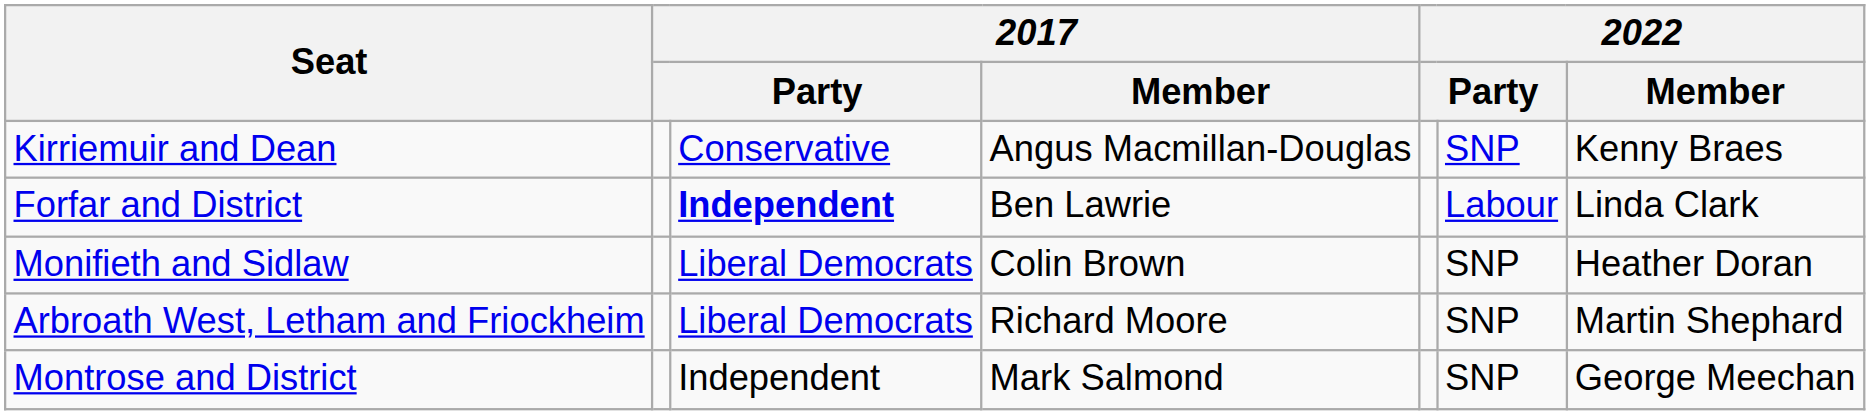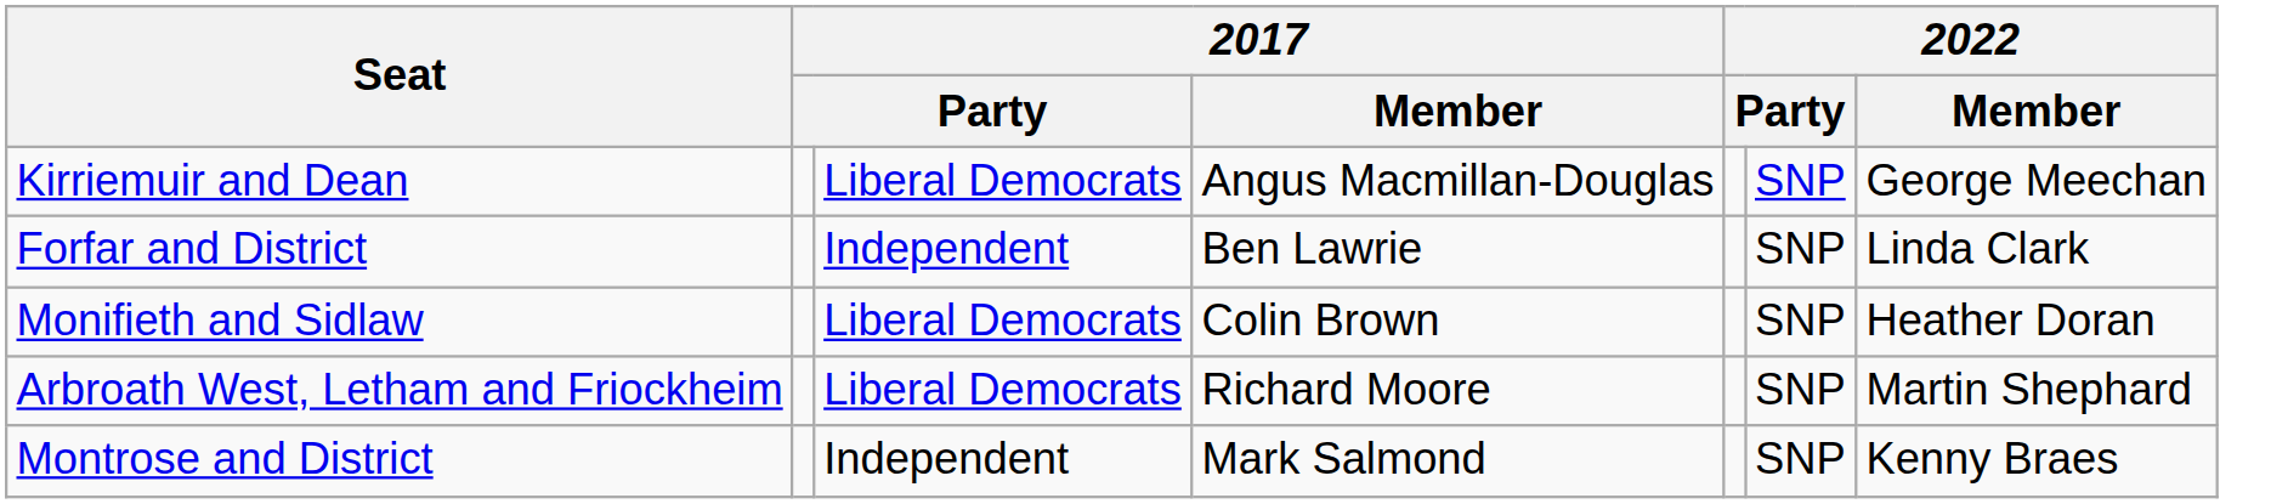 <table class="wikitable">
 <tr>
 <th scope="col" rowspan="2" style="text-align:center">Seat</th>
 <th scope="col" colspan="3" style="text-align:center"><em>2017</em></th>
 <th scope="col" colspan="3" style="text-align:center"><em>2022</em></th>
 </tr>
 <tr>
 <th colspan="2" style="text-align:center">Party</th>
 <th style="text-align:center">Member</th>
 <th colspan="2" style="text-align:center">Party</th>
 <th style="text-align:center">Member</th>
 </tr>
 <tr>
 <td scope="row"><a href='#'>Kirriemuir and Dean</a></td>
 <td></td>
-<td><a href='#'>Conservative</a></td>
+<td><a href='#'>Liberal Democrats</a></td>
 <td>Angus Macmillan-Douglas</td>
 <td></td>
 <td><a href='#'>SNP</a></td>
-<td>Kenny Braes</td>
+<td>George Meechan</td>
 </tr>
 <tr>
 <td scope="row"><a href='#'>Forfar and District</a></td>
 <td></td>
-<td><strong><a href='#'>Independent</a></strong></td>
+<td><a href='#'>Independent</a></td>
 <td>Ben Lawrie</td>
 <td></td>
-<td><a href='#'>Labour</a></td>
+<td>SNP</td>
 <td>Linda Clark</td>
 </tr>
 <tr>
 <td scope="row"><a href='#'>Monifieth and Sidlaw</a></td>
 <td></td>
 <td><a href='#'>Liberal Democrats</a></td>
 <td>Colin Brown</td>
 <td></td>
 <td>SNP</td>
 <td>Heather Doran</td>
 </tr>
 <tr>
 <td scope="row"><a href='#'>Arbroath West, Letham and Friockheim</a></td>
 <td></td>
 <td><a href='#'>Liberal Democrats</a></td>
 <td>Richard Moore</td>
 <td></td>
 <td>SNP</td>
 <td>Martin Shephard</td>
 </tr>
 <tr>
 <td scope="row"><a href='#'>Montrose and District</a></td>
 <td></td>
 <td>Independent</td>
 <td>Mark Salmond</td>
 <td></td>
 <td>SNP</td>
-<td>George Meechan</td>
+<td>Kenny Braes</td>
 </tr>
 </table>
